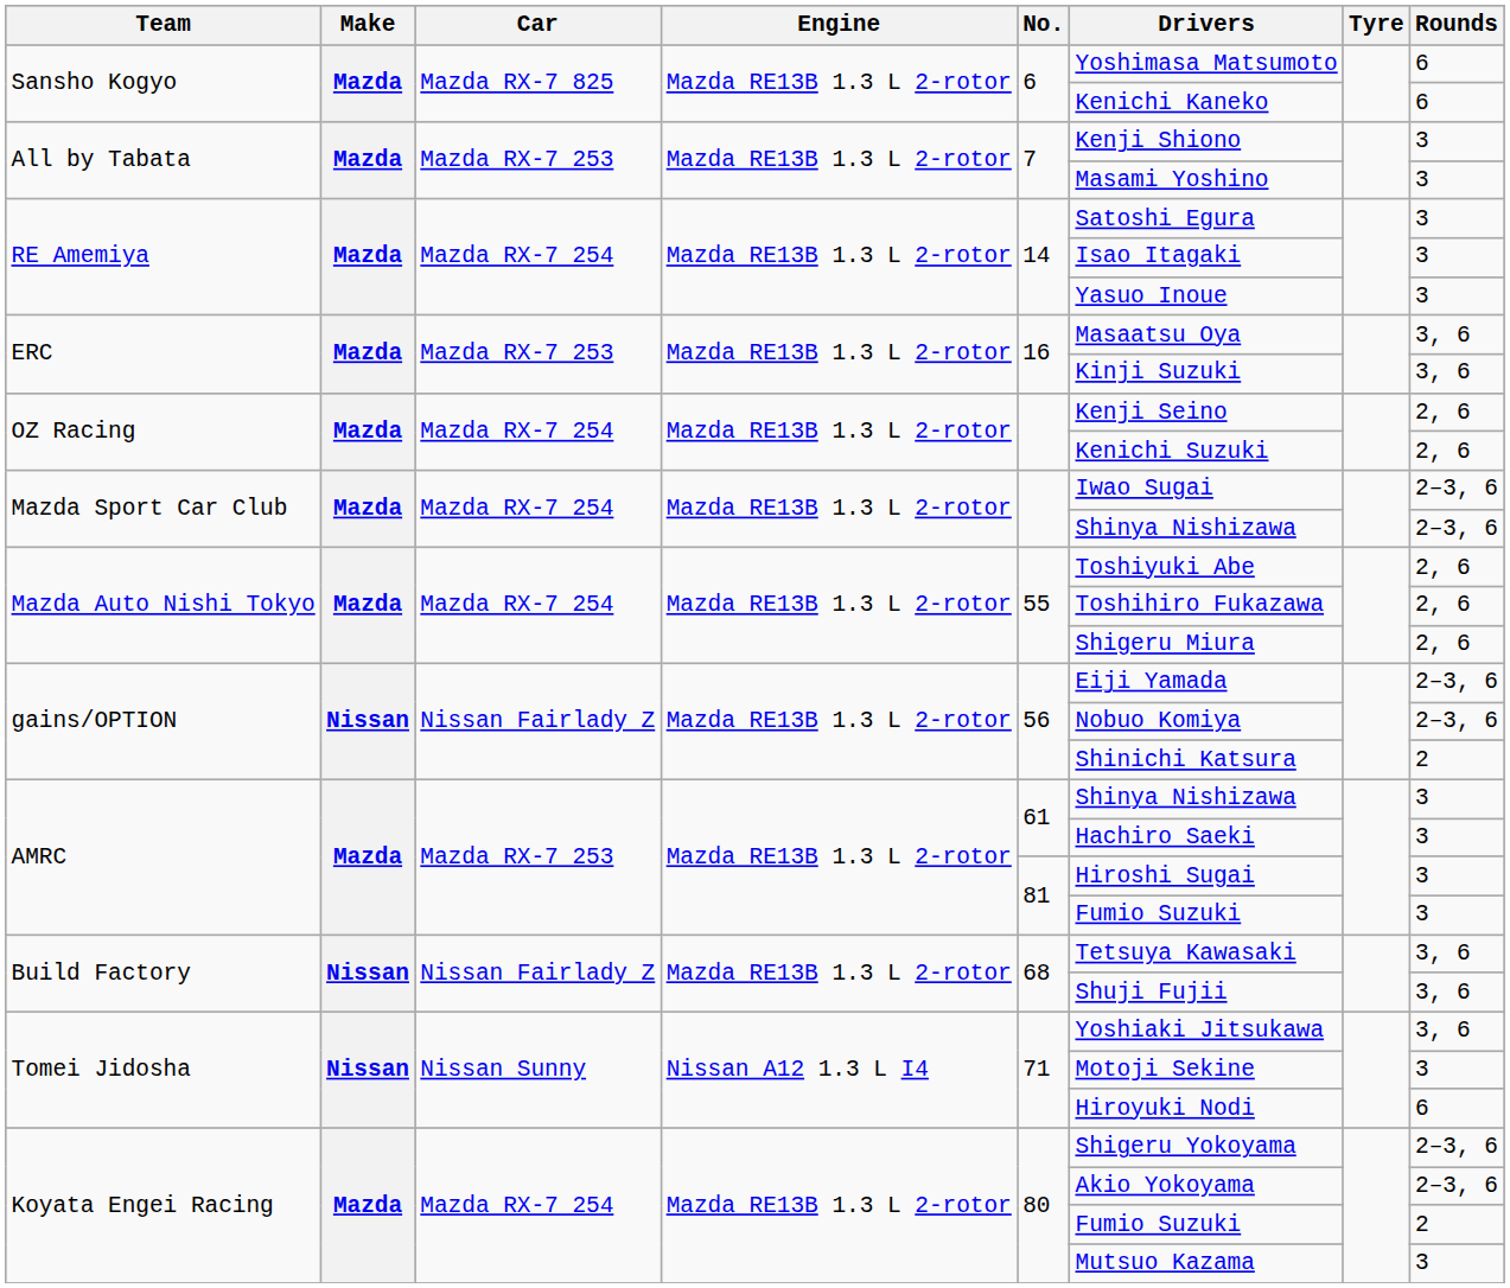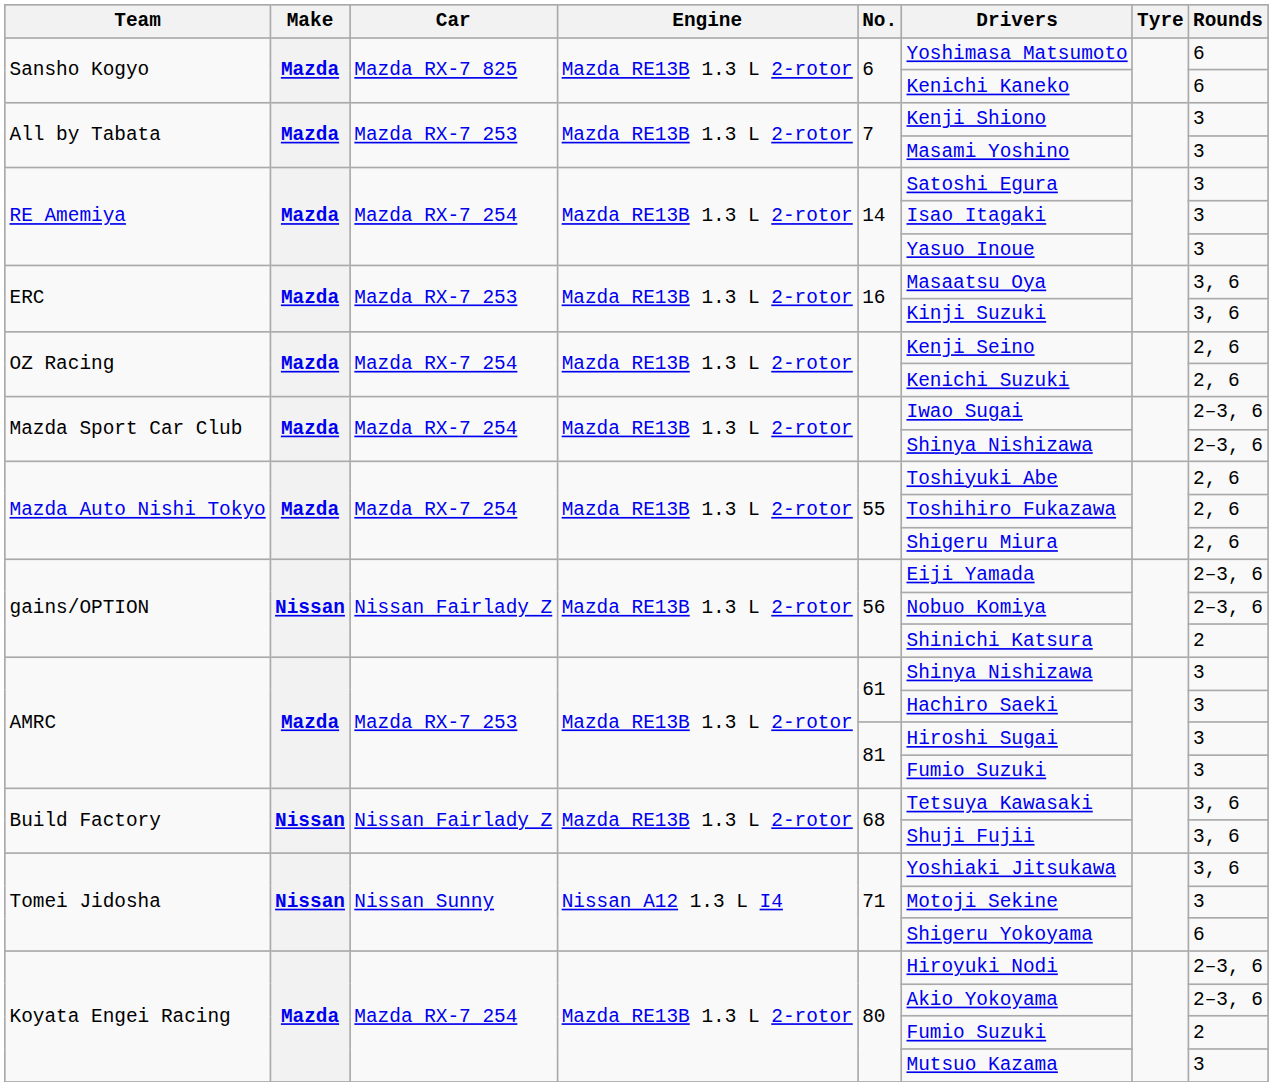 <table class="wikitable" style="font-size: 90%;">
 <tr>
 <th>Team</th>
 <th>Make</th>
 <th>Car</th>
 <th>Engine</th>
 <th>No.</th>
 <th>Drivers</th>
 <th>Tyre</th>
 <th>Rounds</th>
 </tr>
 <tr>
 <td rowspan=2>Sansho Kogyo</td>
 <th rowspan=2><a href='#'>Mazda</a></th>
 <td rowspan=2><a href='#'>Mazda RX-7 825</a></td>
 <td rowspan=2><a href='#'>Mazda RE13B</a> 1.3 L <a href='#'>2-rotor</a></td>
 <td rowspan=2>6</td>
 <td> <a href='#'>Yoshimasa Matsumoto</a></td>
 <td align=center rowspan=2></td>
 <td>6</td>
 </tr>
 <tr>
 <td> <a href='#'>Kenichi Kaneko</a></td>
 <td>6</td>
 </tr>
 <tr>
 <td rowspan=2>All by Tabata</td>
 <th rowspan=2><a href='#'>Mazda</a></th>
 <td rowspan=2><a href='#'>Mazda RX-7 253</a></td>
 <td rowspan=2><a href='#'>Mazda RE13B</a> 1.3 L <a href='#'>2-rotor</a></td>
 <td rowspan=2>7</td>
 <td> <a href='#'>Kenji Shiono</a></td>
 <td align=center rowspan=2></td>
 <td>3</td>
 </tr>
 <tr>
 <td> <a href='#'>Masami Yoshino</a></td>
 <td>3</td>
 </tr>
 <tr>
 <td rowspan=3><a href='#'>RE Amemiya</a></td>
 <th rowspan=3><a href='#'>Mazda</a></th>
 <td rowspan=3><a href='#'>Mazda RX-7 254</a></td>
 <td rowspan=3><a href='#'>Mazda RE13B</a> 1.3 L <a href='#'>2-rotor</a></td>
 <td rowspan=3>14</td>
 <td> <a href='#'>Satoshi Egura</a></td>
 <td align=center rowspan=3></td>
 <td>3</td>
 </tr>
 <tr>
 <td> <a href='#'>Isao Itagaki</a></td>
 <td>3</td>
 </tr>
 <tr>
 <td> <a href='#'>Yasuo Inoue</a></td>
 <td>3</td>
 </tr>
 <tr>
 <td rowspan=2>ERC</td>
 <th rowspan=2><a href='#'>Mazda</a></th>
 <td rowspan=2><a href='#'>Mazda RX-7 253</a></td>
 <td rowspan=2><a href='#'>Mazda RE13B</a> 1.3 L <a href='#'>2-rotor</a></td>
 <td rowspan=2>16</td>
 <td> <a href='#'>Masaatsu Oya</a></td>
 <td align=center rowspan=2></td>
 <td>3, 6</td>
 </tr>
 <tr>
 <td> <a href='#'>Kinji Suzuki</a></td>
 <td>3, 6</td>
 </tr>
 <tr>
 <td rowspan=2>OZ Racing</td>
 <th rowspan=2><a href='#'>Mazda</a></th>
 <td rowspan=2><a href='#'>Mazda RX-7 254</a></td>
 <td rowspan=2><a href='#'>Mazda RE13B</a> 1.3 L <a href='#'>2-rotor</a></td>
 <td rowspan=2></td>
 <td> <a href='#'>Kenji Seino</a></td>
 <td align=center rowspan=2></td>
 <td>2, 6</td>
 </tr>
 <tr>
 <td> <a href='#'>Kenichi Suzuki</a></td>
 <td>2, 6</td>
 </tr>
 <tr>
 <td rowspan=2>Mazda Sport Car Club</td>
 <th rowspan=2><a href='#'>Mazda</a></th>
 <td rowspan=2><a href='#'>Mazda RX-7 254</a></td>
 <td rowspan=2><a href='#'>Mazda RE13B</a> 1.3 L <a href='#'>2-rotor</a></td>
 <td rowspan=2></td>
 <td> <a href='#'>Iwao Sugai</a></td>
 <td align=center rowspan=2></td>
 <td>2–3, 6</td>
 </tr>
 <tr>
 <td> <a href='#'>Shinya Nishizawa</a></td>
 <td>2–3, 6</td>
 </tr>
 <tr>
 <td rowspan=3><a href='#'>Mazda Auto Nishi Tokyo</a></td>
 <th rowspan=3><a href='#'>Mazda</a></th>
 <td rowspan=3><a href='#'>Mazda RX-7 254</a></td>
 <td rowspan=3><a href='#'>Mazda RE13B</a> 1.3 L <a href='#'>2-rotor</a></td>
 <td rowspan=3>55</td>
 <td> <a href='#'>Toshiyuki Abe</a></td>
 <td align=center rowspan=3></td>
 <td>2, 6</td>
 </tr>
 <tr>
 <td> <a href='#'>Toshihiro Fukazawa</a></td>
 <td>2, 6</td>
 </tr>
 <tr>
 <td> <a href='#'>Shigeru Miura</a></td>
 <td>2, 6</td>
 </tr>
 <tr>
 <td rowspan=3>gains/OPTION</td>
 <th rowspan=3><a href='#'>Nissan</a></th>
 <td rowspan=3><a href='#'>Nissan Fairlady Z</a></td>
 <td rowspan=3><a href='#'>Mazda RE13B</a> 1.3 L <a href='#'>2-rotor</a></td>
 <td rowspan=3>56</td>
 <td> <a href='#'>Eiji Yamada</a></td>
 <td align=center rowspan=3></td>
 <td>2–3, 6</td>
 </tr>
 <tr>
 <td> <a href='#'>Nobuo Komiya</a></td>
 <td>2–3, 6</td>
 </tr>
 <tr>
 <td> <a href='#'>Shinichi Katsura</a></td>
 <td>2</td>
 </tr>
 <tr>
 <td rowspan=4>AMRC</td>
 <th rowspan=4><a href='#'>Mazda</a></th>
 <td rowspan=4><a href='#'>Mazda RX-7 253</a></td>
 <td rowspan=4><a href='#'>Mazda RE13B</a> 1.3 L <a href='#'>2-rotor</a></td>
 <td rowspan=2>61</td>
 <td> <a href='#'>Shinya Nishizawa</a></td>
 <td align=center rowspan=4></td>
 <td>3</td>
 </tr>
 <tr>
 <td> <a href='#'>Hachiro Saeki</a></td>
 <td>3</td>
 </tr>
 <tr>
 <td rowspan=2>81</td>
 <td> <a href='#'>Hiroshi Sugai</a></td>
 <td>3</td>
 </tr>
 <tr>
 <td> <a href='#'>Fumio Suzuki</a></td>
 <td>3</td>
 </tr>
 <tr>
 <td rowspan=2>Build Factory</td>
 <th rowspan=2><a href='#'>Nissan</a></th>
 <td rowspan=2><a href='#'>Nissan Fairlady Z</a></td>
 <td rowspan=2><a href='#'>Mazda RE13B</a> 1.3 L <a href='#'>2-rotor</a></td>
 <td rowspan=2>68</td>
 <td> <a href='#'>Tetsuya Kawasaki</a></td>
 <td align=center rowspan=2></td>
 <td>3, 6</td>
 </tr>
 <tr>
 <td> <a href='#'>Shuji Fujii</a></td>
 <td>3, 6</td>
 </tr>
 <tr>
 <td rowspan=3>Tomei Jidosha</td>
 <th rowspan=3><a href='#'>Nissan</a></th>
 <td rowspan=3><a href='#'>Nissan Sunny</a></td>
 <td rowspan=3><a href='#'>Nissan A12</a> 1.3 L <a href='#'>I4</a></td>
 <td rowspan=3>71</td>
 <td> <a href='#'>Yoshiaki Jitsukawa</a></td>
 <td align=center rowspan=3></td>
 <td>3, 6</td>
 </tr>
 <tr>
 <td> <a href='#'>Motoji Sekine</a></td>
 <td>3</td>
 </tr>
 <tr>
-<td> <a href='#'>Hiroyuki Nodi</a></td>
+<td> <a href='#'>Shigeru Yokoyama</a></td>
 <td>6</td>
 </tr>
 <tr>
 <td rowspan=4>Koyata Engei Racing</td>
 <th rowspan=4><a href='#'>Mazda</a></th>
 <td rowspan=4><a href='#'>Mazda RX-7 254</a></td>
 <td rowspan=4><a href='#'>Mazda RE13B</a> 1.3 L <a href='#'>2-rotor</a></td>
 <td rowspan=4>80</td>
-<td> <a href='#'>Shigeru Yokoyama</a></td>
+<td> <a href='#'>Hiroyuki Nodi</a></td>
 <td align=center rowspan=4></td>
 <td>2–3, 6</td>
 </tr>
 <tr>
 <td> <a href='#'>Akio Yokoyama</a></td>
 <td>2–3, 6</td>
 </tr>
 <tr>
 <td> <a href='#'>Fumio Suzuki</a></td>
 <td>2</td>
 </tr>
 <tr>
 <td> <a href='#'>Mutsuo Kazama</a></td>
 <td>3</td>
 </tr>
 <tr>
 </tr>
 </table>
